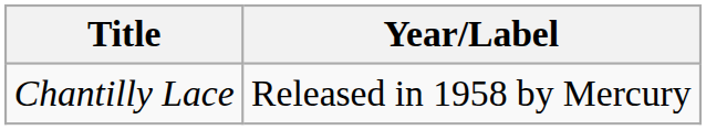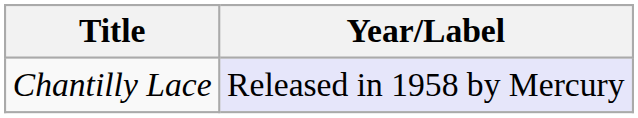 <table class="wikitable">
 <tr>
 <th><strong>Title</strong></th>
 <th><strong>Year/Label</strong></th>
 </tr>
 <tr>
 <td><em>Chantilly Lace</em></td>
-<td>Released in 1958 by Mercury</td>
+<td style="background: lavender;">Released in 1958 by Mercury</td>
 </tr>
 </table>
